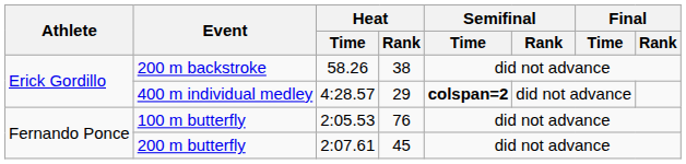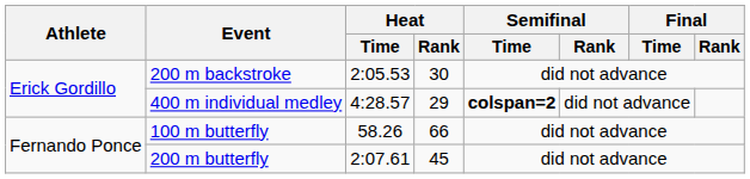 <table class=wikitable style="font-size:90%">
 <tr>
 <th rowspan="2">Athlete</th>
 <th rowspan="2">Event</th>
 <th colspan="2">Heat</th>
 <th colspan="2">Semifinal</th>
 <th colspan="2">Final</th>
 </tr>
 <tr style="font-size:95%">
 <th>Time</th>
 <th>Rank</th>
 <th>Time</th>
 <th>Rank</th>
 <th>Time</th>
 <th>Rank</th>
 </tr>
 <tr align=center>
 <td align=left rowspan=2><a href='#'>Erick Gordillo</a></td>
 <td align=left><a href='#'>200 m backstroke</a></td>
-<td>58.26</td>
-<td>38</td>
+<td>2:05.53</td>
+<td>30</td>
 <td colspan=4>did not advance</td>
 </tr>
 <tr align=center>
 <td align=left><a href='#'>400 m individual medley</a></td>
 <td>4:28.57</td>
 <td>29</td>
 <td><strong>colspan=2</strong></td>
 <td colspan=2>did not advance</td>
 </tr>
 <tr align=center>
 <td align=left rowspan=2>Fernando Ponce</td>
 <td align=left><a href='#'>100 m butterfly</a></td>
-<td>2:05.53</td>
-<td>76</td>
+<td>58.26</td>
+<td>66</td>
 <td colspan=4>did not advance</td>
 </tr>
 <tr align=center>
 <td align=left><a href='#'>200 m butterfly</a></td>
 <td>2:07.61</td>
 <td>45</td>
 <td colspan=4>did not advance</td>
 </tr>
 </table>
